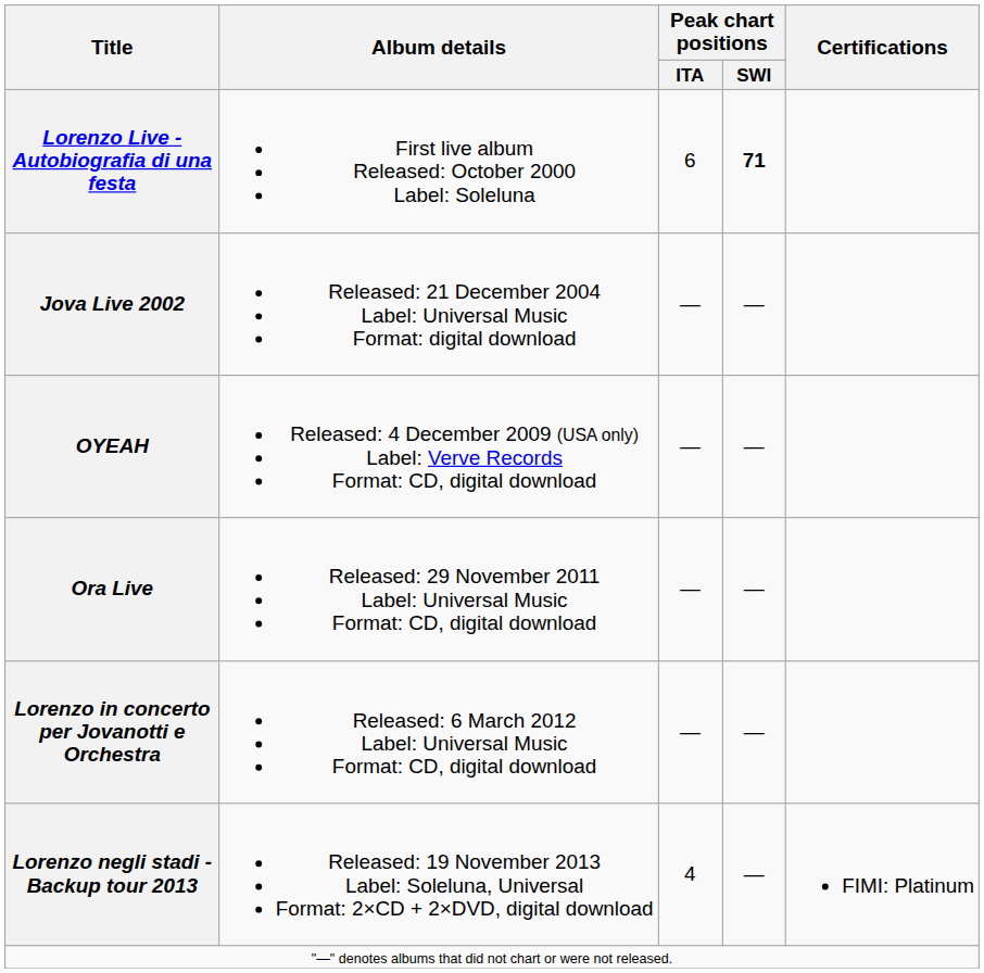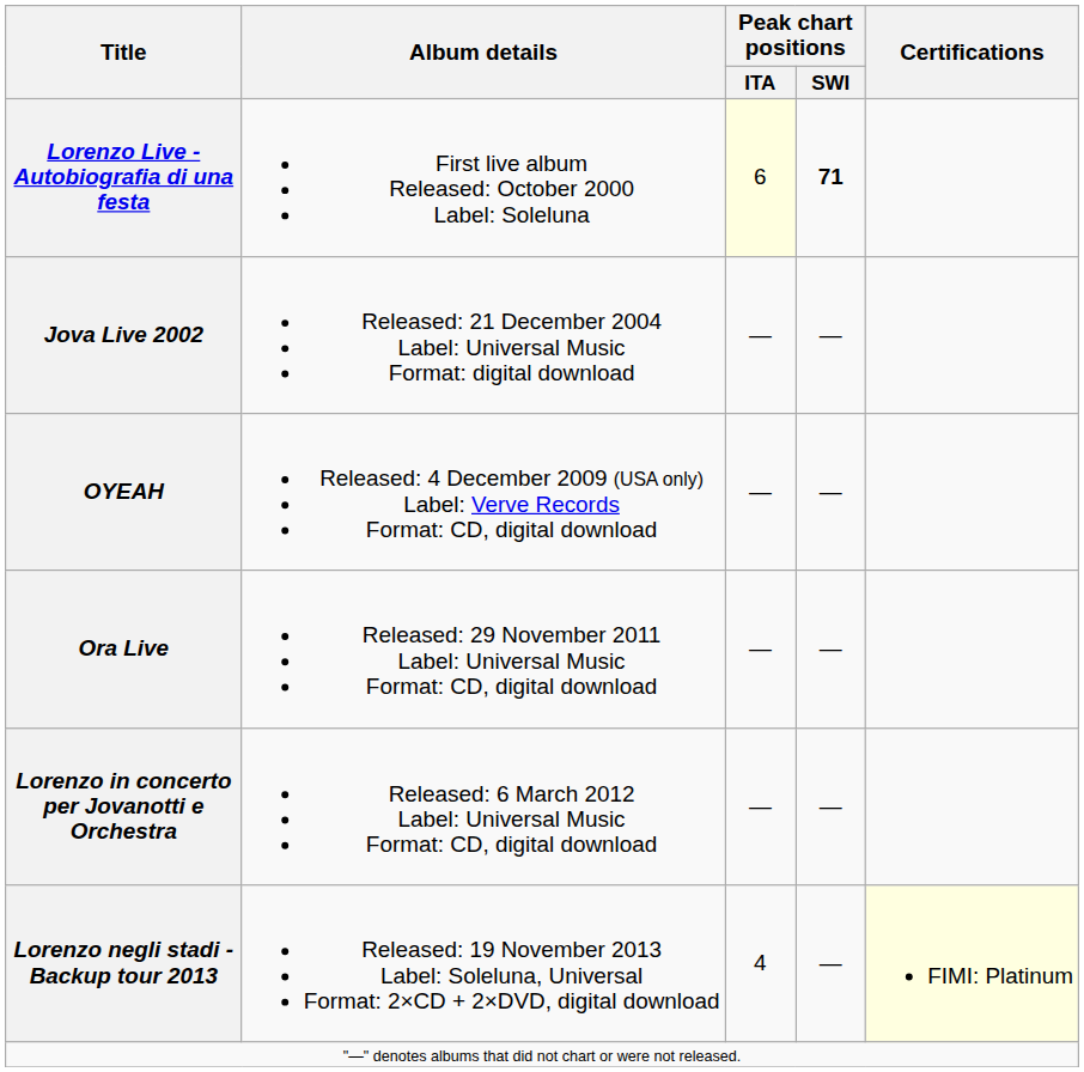 <table class="wikitable plainrowheaders" style="text-align:center;" border="1">
 <tr>
 <th scope="col" rowspan="2" style="width:10em;">Title</th>
 <th scope="col" rowspan="2">Album details</th>
 <th scope="col" colspan="2">Peak chart positions</th>
 <th scope="col" rowspan="2">Certifications</th>
 </tr>
 <tr>
 <th scope="col" style="width:3em;font-size:90%;">ITA<br></th>
 <th scope="col" style="width:3em;font-size:90%;">SWI<br></th>
 </tr>
 <tr>
 <th scope="row"><em><a href='#'>Lorenzo Live - Autobiografia di una festa</a></em></th>
 <td><br><ul><li>First live album</li><li>Released: October 2000</li><li>Label: Soleluna</li></ul></td>
-<td align="center">6</td>
+<td align="center" style="background: lightyellow;">6</td>
 <td align="center"><strong>71</strong></td>
 <td></td>
 </tr>
 <tr>
 <th scope="row"><em>Jova Live 2002</em></th>
 <td><br><ul><li>Released: 21 December 2004</li><li>Label: Universal Music</li><li>Format: digital download</li></ul></td>
 <td align="center">—</td>
 <td align="center">—</td>
 <td></td>
 </tr>
 <tr>
 <th scope="row"><em>OYEAH</em></th>
 <td><br><ul><li>Released: 4 December 2009 <small>(USA only)</small></li><li>Label: <a href='#'>Verve Records</a></li><li>Format: CD, digital download</li></ul></td>
 <td align="center">—</td>
 <td align="center">—</td>
 <td></td>
 </tr>
 <tr>
 <th scope="row"><em>Ora Live</em></th>
 <td><br><ul><li>Released: 29 November 2011</li><li>Label: Universal Music</li><li>Format: CD, digital download</li></ul></td>
 <td align="center">—</td>
 <td align="center">—</td>
 <td></td>
 </tr>
 <tr>
 <th scope="row"><em>Lorenzo in concerto per Jovanotti e Orchestra</em></th>
 <td><br><ul><li>Released: 6 March 2012</li><li>Label: Universal Music</li><li>Format: CD, digital download</li></ul></td>
 <td align="center">—</td>
 <td align="center">—</td>
 <td></td>
 </tr>
 <tr>
 <th scope="row"><em>Lorenzo negli stadi - Backup tour 2013</em></th>
 <td><br><ul><li>Released: 19 November 2013</li><li>Label: Soleluna, Universal</li><li>Format: 2×CD + 2×DVD, digital download</li></ul></td>
 <td align="center">4</td>
 <td align="center">—</td>
-<td><br><ul><li>FIMI: Platinum</li></ul></td>
+<td style="background: lightyellow;"><br><ul><li>FIMI: Platinum</li></ul></td>
 </tr>
 <tr>
 <td align="center" colspan="30" style="font-size:8pt">"—" denotes albums that did not chart or were not released.</td>
 </tr>
 </table>
